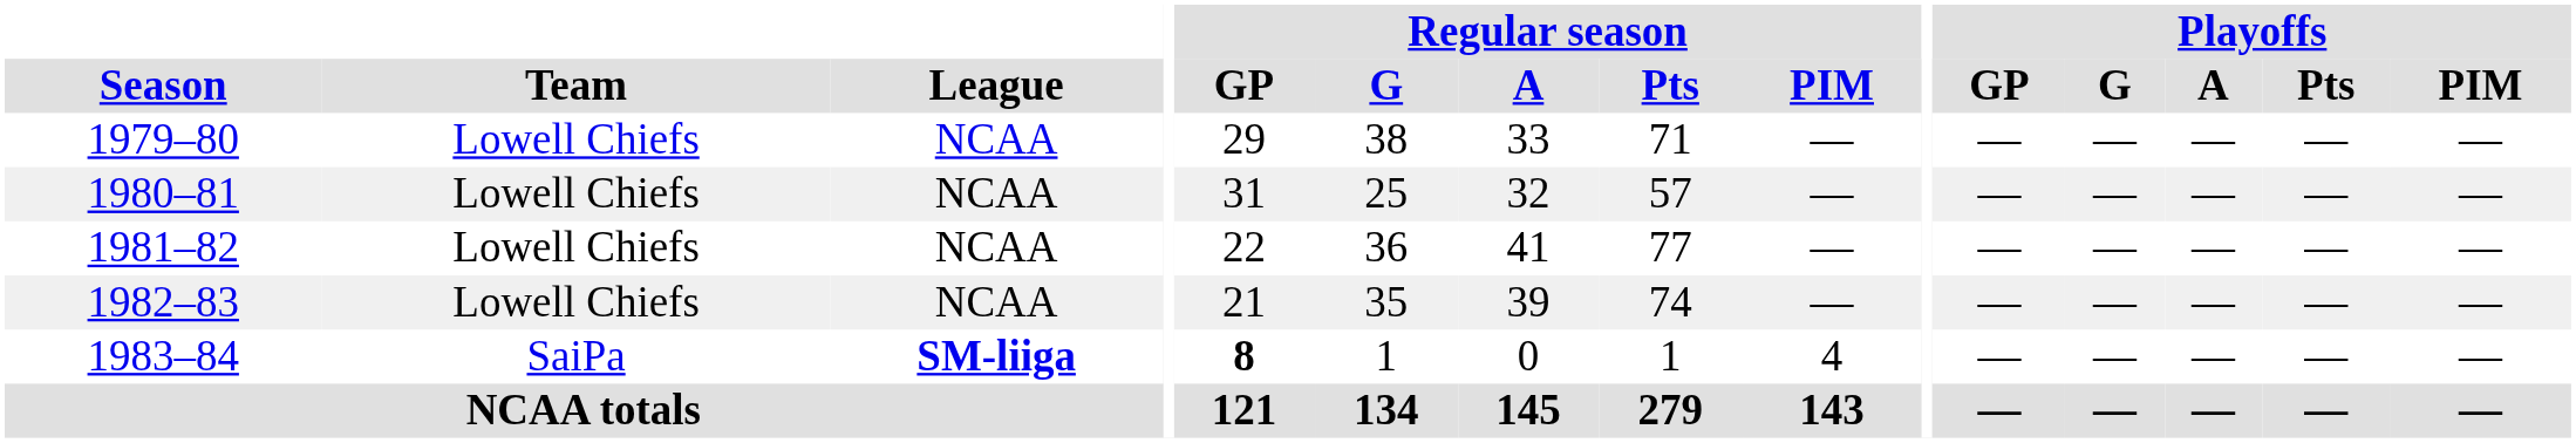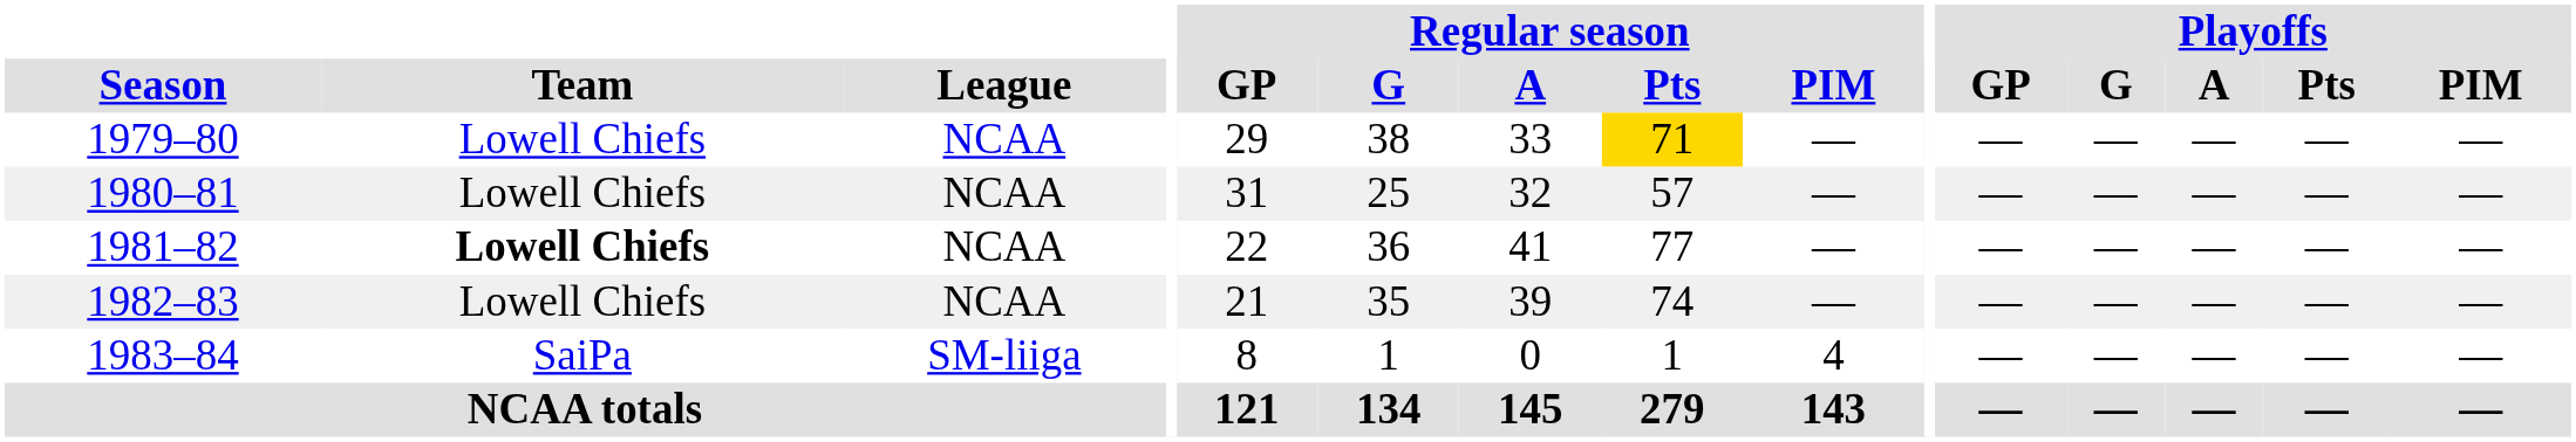 <table border="0" cellpadding="1" cellspacing="0" style="text-align:center; width:75%">
 <tr bgcolor="#e0e0e0">
 <th colspan="3" bgcolor="#ffffff"></th>
 <th rowspan="99" bgcolor="#ffffff"></th>
 <th colspan="5"><a href='#'>Regular season</a></th>
 <th rowspan="99" bgcolor="#ffffff"></th>
 <th colspan="5"><a href='#'>Playoffs</a></th>
 </tr>
 <tr bgcolor="#e0e0e0">
 <th><a href='#'>Season</a></th>
 <th>Team</th>
 <th>League</th>
 <th>GP</th>
 <th><a href='#'>G</a></th>
 <th><a href='#'>A</a></th>
 <th><a href='#'>Pts</a></th>
 <th><a href='#'>PIM</a></th>
 <th>GP</th>
 <th>G</th>
 <th>A</th>
 <th>Pts</th>
 <th>PIM</th>
 </tr>
 <tr ALIGN="center">
 <td><a href='#'>1979–80</a></td>
 <td><a href='#'>Lowell Chiefs</a></td>
 <td><a href='#'>NCAA</a></td>
 <td>29</td>
 <td>38</td>
 <td>33</td>
-<td>71</td>
+<td style="background: gold;">71</td>
 <td>—</td>
 <td>—</td>
 <td>—</td>
 <td>—</td>
 <td>—</td>
 <td>—</td>
 </tr>
 <tr ALIGN="center" bgcolor="#f0f0f0">
 <td><a href='#'>1980–81</a></td>
 <td>Lowell Chiefs</td>
 <td>NCAA</td>
 <td>31</td>
 <td>25</td>
 <td>32</td>
 <td>57</td>
 <td>—</td>
 <td>—</td>
 <td>—</td>
 <td>—</td>
 <td>—</td>
 <td>—</td>
 </tr>
 <tr ALIGN="center">
 <td><a href='#'>1981–82</a></td>
-<td>Lowell Chiefs</td>
+<td><strong>Lowell Chiefs</strong></td>
 <td>NCAA</td>
 <td>22</td>
 <td>36</td>
 <td>41</td>
 <td>77</td>
 <td>—</td>
 <td>—</td>
 <td>—</td>
 <td>—</td>
 <td>—</td>
 <td>—</td>
 </tr>
 <tr ALIGN="center" bgcolor="#f0f0f0">
 <td><a href='#'>1982–83</a></td>
 <td>Lowell Chiefs</td>
 <td>NCAA</td>
 <td>21</td>
 <td>35</td>
 <td>39</td>
 <td>74</td>
 <td>—</td>
 <td>—</td>
 <td>—</td>
 <td>—</td>
 <td>—</td>
 <td>—</td>
 </tr>
 <tr ALIGN="center">
 <td><a href='#'>1983–84</a></td>
 <td><a href='#'>SaiPa</a></td>
-<td><strong><a href='#'>SM-liiga</a></strong></td>
-<td><strong>8</strong></td>
+<td><a href='#'>SM-liiga</a></td>
+<td>8</td>
 <td>1</td>
 <td>0</td>
 <td>1</td>
 <td>4</td>
 <td>—</td>
 <td>—</td>
 <td>—</td>
 <td>—</td>
 <td>—</td>
 </tr>
 <tr bgcolor="#e0e0e0">
 <th colspan="3">NCAA totals</th>
 <th>121</th>
 <th>134</th>
 <th>145</th>
 <th>279</th>
 <th>143</th>
 <th>—</th>
 <th>—</th>
 <th>—</th>
 <th>—</th>
 <th>—</th>
 </tr>
 </table>
